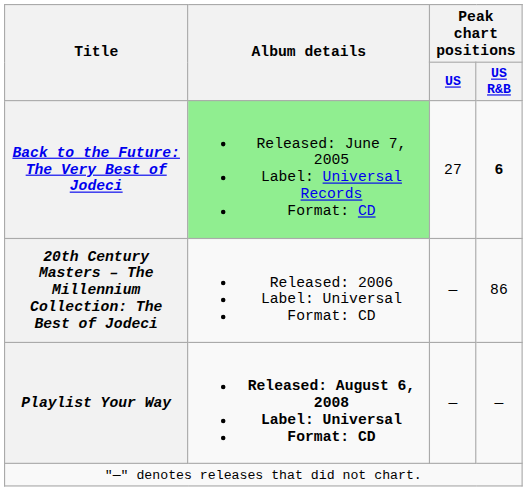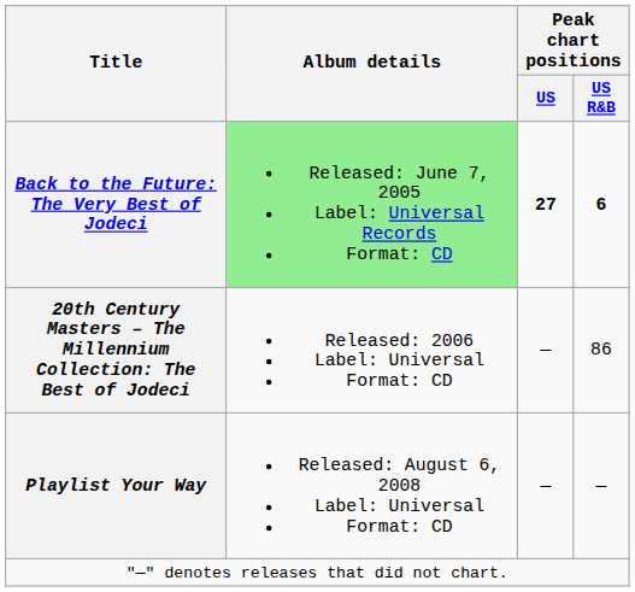 <table class="wikitable plainrowheaders" style="text-align:center;" border="1">
 <tr>
 <th scope="col" rowspan="2" style="width:12em;">Title</th>
 <th scope="col" rowspan="2" style="width:16em;">Album details</th>
 <th scope="col" colspan="2">Peak chart positions</th>
 </tr>
 <tr>
 <th scope="col" style="width:3.0em;font-size:90%;"><a href='#'>US</a><br></th>
 <th scope="col" style="width:3.0em;font-size:90%;"><a href='#'>US R&B</a><br></th>
 </tr>
 <tr>
 <th scope="row"><em><a href='#'>Back to the Future:<br>The Very Best of Jodeci</a></em></th>
 <td style="background: lightgreen;"><br><ul><li>Released: June 7, 2005</li><li>Label: <a href='#'>Universal Records</a></li><li>Format: <a href='#'>CD</a></li></ul></td>
-<td>27</td>
+<td><strong>27</strong></td>
 <td><strong>6</strong></td>
 </tr>
 <tr>
 <th scope="row"><em>20th Century Masters – The Millennium Collection: The Best of Jodeci</em></th>
 <td><br><ul><li>Released: 2006</li><li>Label: Universal</li><li>Format: CD</li></ul></td>
 <td>—</td>
 <td>86</td>
 </tr>
 <tr>
 <th scope="row"><em>Playlist Your Way</em></th>
-<td><strong><br><ul><li>Released: August 6, 2008</li><li>Label: Universal</li><li>Format: CD</li></ul></strong></td>
+<td><br><ul><li>Released: August 6, 2008</li><li>Label: Universal</li><li>Format: CD</li></ul></td>
 <td>—</td>
 <td>—</td>
 </tr>
 <tr>
 <td colspan="14" style="font-size:90%">"—" denotes releases that did not chart.</td>
 </tr>
 </table>
